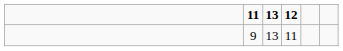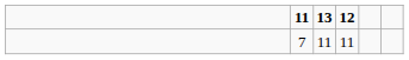 <table class="wikitable">
 <tr>
 <td style="width:18em"><strong></strong></td>
 <td align=center style="width:1em"><strong>11</strong></td>
 <td align=center style="width:1em"><strong>13</strong></td>
 <td align=center style="width:1em"><strong>12</strong></td>
 <td align=center style="width:1em"></td>
 <td align=center style="width:1em"></td>
 </tr>
 <tr>
 <td style="width:18em"></td>
-<td align=center style="width:1em">9</td>
-<td align=center style="width:1em">13</td>
+<td align=center style="width:1em">7</td>
+<td align=center style="width:1em">11</td>
 <td align=center style="width:1em">11</td>
 <td align=center style="width:1em"></td>
 <td align=center style="width:1em"></td>
 </tr>
 </table>
